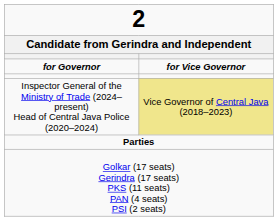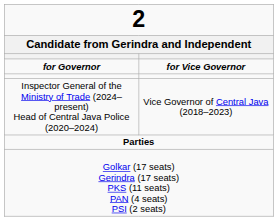 <table class="wikitable" style="font-size:90%; text-align:center;">
 <tr>
 <td colspan=2><big><big><big><big><big><strong>2</strong></big></big></big></big></big></td>
 </tr>
 <tr>
 <td colspan=2 style="background:#f1f1f1;"><strong><big>Candidate from Gerindra and Independent</big></strong></td>
 </tr>
 <tr>
 <th style="width:3em; font-size:135%; background:#"><a href='#'></a></th>
 <th style="width:3em; font-size:135%; background:#"></th>
 </tr>
 <tr style="color:#000; font-size:100%; background:#">
 <td style="width:3em; width:200px;"><strong><em>for Governor</em></strong></td>
 <td style="width:3em; width:200px;"><strong><em>for Vice Governor</em></strong></td>
 </tr>
 <tr>
 <td></td>
 <td></td>
 </tr>
 <tr>
 <td>Inspector General of the <a href='#'>Ministry of Trade</a> (2024–present)<br>Head of Central Java Police (2020–2024)</td>
-<td style="background: khaki;">Vice Governor of <a href='#'>Central Java</a> (2018–2023)</td>
+<td>Vice Governor of <a href='#'>Central Java</a> (2018–2023)</td>
 </tr>
 <tr>
 <td colspan=2 style="background:#"><strong>Parties</strong></td>
 </tr>
 <tr>
 <td colspan=2 style="align:center"><br><a href='#'>Golkar</a> (17 seats)<br><a href='#'>Gerindra</a> (17 seats)<br><a href='#'>PKS</a> (11 seats)<br><a href='#'>PAN</a> (4 seats)<br><a href='#'>PSI</a> (2 seats)</td>
 </tr>
 </table>
